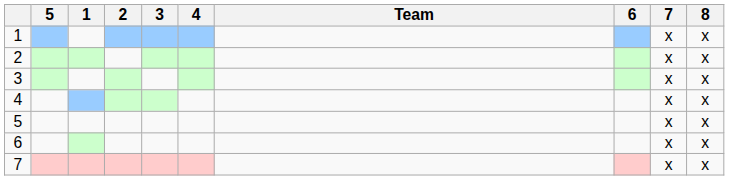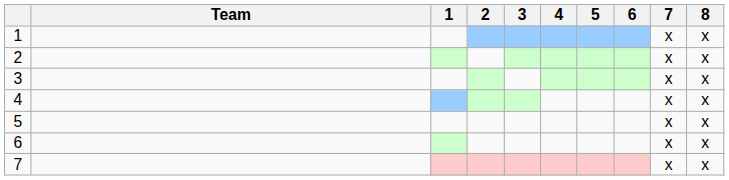 <table class="wikitable sortable" style="text-align:center; line-height: 90%;">
 <tr>
 <th width=20 abbr="Position"></th>
-<th width=30 abbr="Round 5">5</th>
+<th width=400px>Team</th>
 <th width=30 abbr="Round 1">1</th>
 <th width=30 abbr="Round 2">2</th>
 <th width=30 abbr="Round 3">3</th>
 <th width=30 abbr="Round 4">4</th>
-<th width=400px>Team</th>
+<th width=30 abbr="Round 5">5</th>
 <th width=30 abbr="Round 6">6</th>
 <th width=30 abbr="Round 7">7</th>
 <th width=30 abbr="Round 8">8</th>
 </tr>
 <tr>
 <td>1</td>
-<td style="background:#99ccff;"></td>
+<td style="text-align:left"></td>
 <td></td>
 <td style="background:#99ccff;"></td>
 <td style="background:#99ccff;"></td>
 <td style="background:#99ccff;"></td>
-<td style="text-align:left"></td>
+<td style="background:#99ccff;"></td>
 <td style="background:#99ccff;"></td>
 <td>x</td>
 <td>x</td>
 </tr>
 <tr>
 <td>2</td>
-<td style="background:#ccffcc;"></td>
+<td style="text-align:left"></td>
 <td style="background:#ccffcc;"></td>
 <td></td>
 <td style="background:#ccffcc;"></td>
 <td style="background:#ccffcc;"></td>
-<td style="text-align:left"></td>
+<td style="background:#ccffcc;"></td>
 <td style="background:#ccffcc;"></td>
 <td>x</td>
 <td>x</td>
 </tr>
 <tr>
 <td>3</td>
-<td style="background:#ccffcc;"></td>
+<td style="text-align:left"></td>
 <td></td>
 <td style="background:#ccffcc;"></td>
 <td></td>
 <td style="background:#ccffcc;"></td>
-<td style="text-align:left"></td>
+<td style="background:#ccffcc;"></td>
 <td style="background:#ccffcc;"></td>
 <td>x</td>
 <td>x</td>
 </tr>
 <tr>
 <td>4</td>
-<td></td>
+<td style="text-align:left"></td>
 <td style="background:#99ccff;"></td>
 <td style="background:#ccffcc;"></td>
 <td style="background:#ccffcc;"></td>
 <td></td>
-<td style="text-align:left"></td>
+<td></td>
 <td></td>
 <td>x</td>
 <td>x</td>
 </tr>
 <tr>
 <td>5</td>
+<td style="text-align:left"></td>
 <td></td>
 <td></td>
 <td></td>
 <td></td>
 <td></td>
-<td style="text-align:left"></td>
 <td></td>
 <td>x</td>
 <td>x</td>
 </tr>
 <tr>
 <td>6</td>
-<td></td>
+<td style="text-align:left"></td>
 <td style="background:#ccffcc;"></td>
 <td></td>
 <td></td>
 <td></td>
-<td style="text-align:left"></td>
+<td></td>
 <td></td>
 <td>x</td>
 <td>x</td>
 </tr>
 <tr>
 <td>7</td>
+<td style="text-align:left"></td>
 <td style="background:#ffcccc;"></td>
 <td style="background:#ffcccc;"></td>
 <td style="background:#ffcccc;"></td>
 <td style="background:#ffcccc;"></td>
 <td style="background:#ffcccc;"></td>
-<td style="text-align:left"></td>
 <td style="background:#ffcccc;"></td>
 <td>x</td>
 <td>x</td>
 </tr>
 </table>
